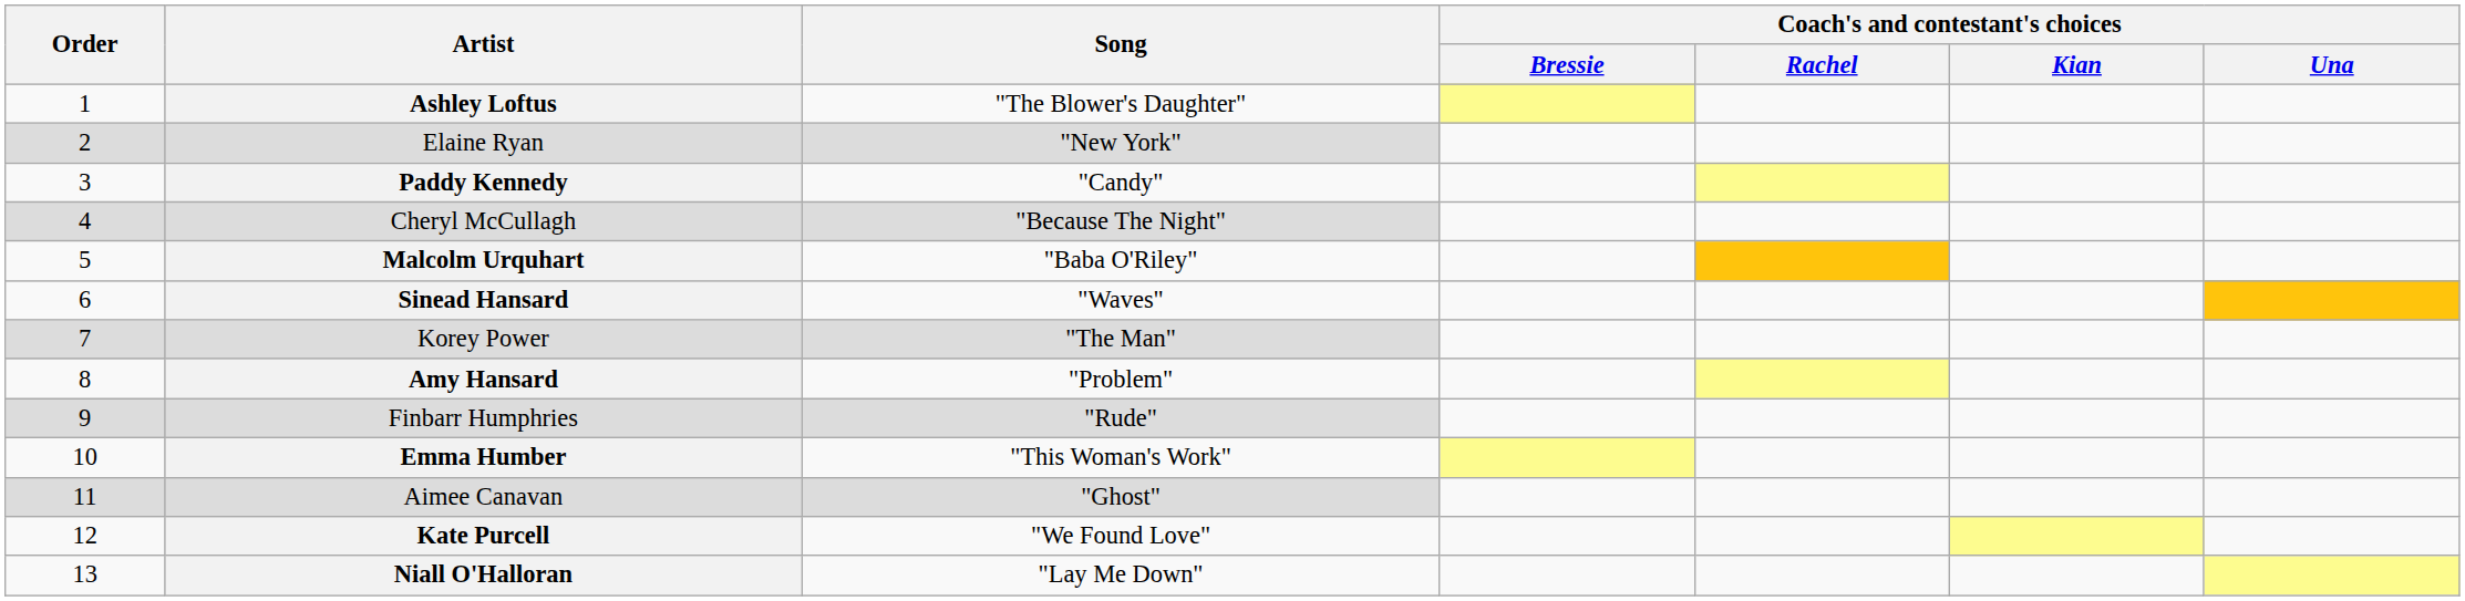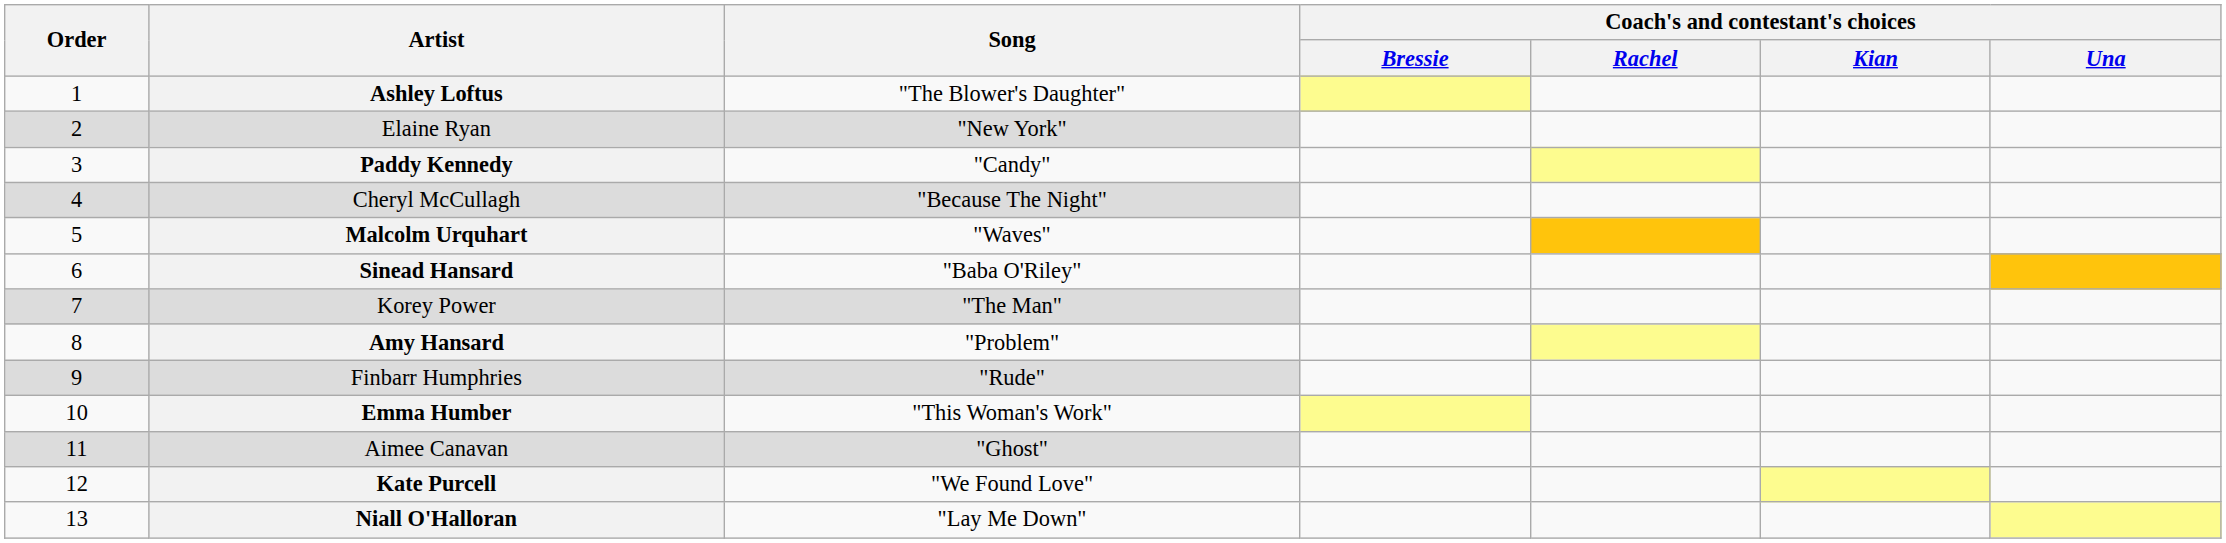 <table class="wikitable" style="text-align:center; width:100%;">
 <tr>
 <th scope="col" rowspan="2" width="5%">Order</th>
 <th scope="col" rowspan="2" width="20%">Artist</th>
 <th scope="col" rowspan="2" width="20%">Song</th>
 <th scope="col" colspan="4" width="32%">Coach's and contestant's choices</th>
 </tr>
 <tr>
 <th width="8%"><em><a href='#'>Bressie</a></em></th>
 <th width="8%"><em><a href='#'>Rachel</a></em></th>
 <th width="8%"><em><a href='#'>Kian</a></em></th>
 <th width="8%"><em><a href='#'>Una</a></em></th>
 </tr>
 <tr>
 <td>1</td>
 <th scope="row">Ashley Loftus</th>
 <td>"The Blower's Daughter"</td>
 <td style="background-color:#fdfc8f;"><strong></strong></td>
 <td><strong></strong></td>
 <td><strong></strong></td>
 <td><strong></strong></td>
 </tr>
 <tr>
 <td style="background-color:#DCDCDC;">2</td>
 <td style="background-color:#DCDCDC;">Elaine Ryan</td>
 <td style="background-color:#DCDCDC;">"New York"</td>
 <td></td>
 <td></td>
 <td></td>
 <td></td>
 </tr>
 <tr>
 <td>3</td>
 <th scope="row">Paddy Kennedy</th>
 <td>"Candy"</td>
 <td></td>
 <td style="background-color:#fdfc8f;"><strong></strong></td>
 <td><strong></strong></td>
 <td><strong></strong></td>
 </tr>
 <tr>
 <td style="background-color:#DCDCDC;">4</td>
 <td style="background-color:#DCDCDC;">Cheryl McCullagh</td>
 <td style="background-color:#DCDCDC;">"Because The Night"</td>
 <td></td>
 <td></td>
 <td></td>
 <td></td>
 </tr>
 <tr>
 <td>5</td>
 <th scope="row">Malcolm Urquhart</th>
-<td>"Baba O'Riley"</td>
+<td>"Waves"</td>
 <td></td>
 <td style="background-color:#FFC40C;"><strong></strong></td>
 <td></td>
 <td></td>
 </tr>
 <tr>
 <td>6</td>
 <th scope="row">Sinead Hansard</th>
-<td>"Waves"</td>
+<td>"Baba O'Riley"</td>
 <td></td>
 <td></td>
 <td></td>
 <td style="background-color:#FFC40C;"><strong></strong></td>
 </tr>
 <tr>
 <td style="background-color:#DCDCDC;">7</td>
 <td style="background-color:#DCDCDC;">Korey Power</td>
 <td style="background-color:#DCDCDC;">"The Man"</td>
 <td></td>
 <td></td>
 <td></td>
 <td></td>
 </tr>
 <tr>
 <td>8</td>
 <th scope="row">Amy Hansard</th>
 <td>"Problem"</td>
 <td><strong></strong></td>
 <td style="background-color:#fdfc8f;"><strong></strong></td>
 <td></td>
 <td></td>
 </tr>
 <tr>
 <td style="background-color:#DCDCDC;">9</td>
 <td style="background-color:#DCDCDC;">Finbarr Humphries</td>
 <td style="background-color:#DCDCDC;">"Rude"</td>
 <td></td>
 <td></td>
 <td></td>
 <td></td>
 </tr>
 <tr>
 <td>10</td>
 <th scope="row">Emma Humber</th>
 <td>"This Woman's Work"</td>
 <td style="background-color:#fdfc8f;"><strong></strong></td>
 <td><strong></strong></td>
 <td><strong></strong></td>
 <td></td>
 </tr>
 <tr>
 <td style="background-color:#DCDCDC;">11</td>
 <td style="background-color:#DCDCDC;">Aimee Canavan</td>
 <td style="background-color:#DCDCDC;">"Ghost"</td>
 <td></td>
 <td></td>
 <td></td>
 <td></td>
 </tr>
 <tr>
 <td>12</td>
 <th scope="row">Kate Purcell</th>
 <td>"We Found Love"</td>
 <td></td>
 <td><strong></strong></td>
 <td style="background-color:#fdfc8f;"><strong></strong></td>
 <td></td>
 </tr>
 <tr>
 <td>13</td>
 <th scope="row">Niall O'Halloran</th>
 <td>"Lay Me Down"</td>
 <td><strong></strong></td>
 <td><strong></strong></td>
 <td><strong></strong></td>
 <td style="background-color:#fdfc8f;"><strong></strong></td>
 </tr>
 </table>
